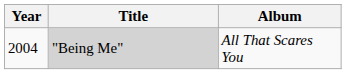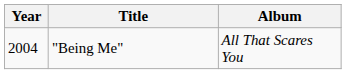 <table class="wikitable">
 <tr>
 <th width="40">Year</th>
 <th width="175">Title</th>
 <th width="125">Album</th>
 </tr>
 <tr>
 <td>2004</td>
-<td style="background: lightgrey;">"Being Me"</td>
+<td>"Being Me"</td>
 <td rowspan="4"><em>All That Scares You</em></td>
 </tr>
 </table>
